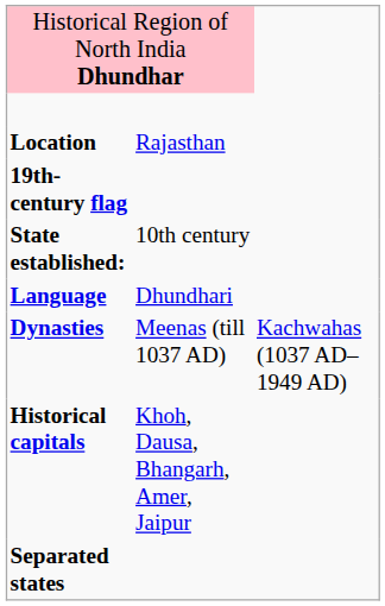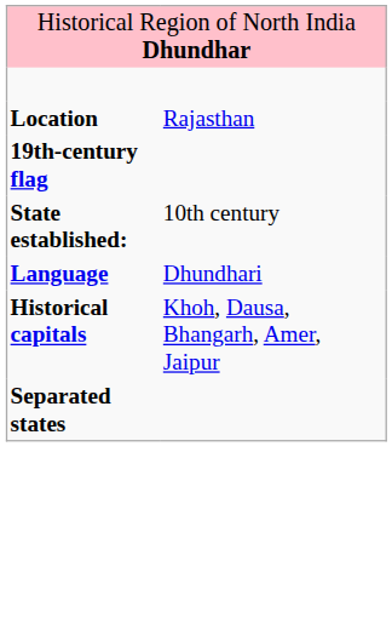 <table class="infobox"  cellpadding="2" cellspacing="2" style="width:250px; border-collapse:collapse; font-size:95%;">
 <tr>
 <td colspan="2" style="margin-left:inherit; background:pink; text-align:center; font-size:medium;">Historical Region of North India<br><strong>Dhundhar</strong></td>
 </tr>
 <tr style="text-align:center;">
 <td colspan="2"><div><br></div></td>
 </tr>
 <tr style="vertical-align: top;">
 <td><strong>Location</strong></td>
 <td><a href='#'>Rajasthan</a></td>
 </tr>
 <tr style="vertical-align: top;">
 <td><strong>19th-century <a href='#'>flag</a></strong></td>
 <td></td>
 </tr>
 <tr style="vertical-align: top;">
 <td><strong>State established:</strong></td>
 <td>10th century</td>
 </tr>
 <tr style="vertical-align: top;">
 <td><strong><a href='#'>Language</a></strong></td>
 <td><a href='#'>Dhundhari</a></td>
 </tr>
 <tr style="vertical-align: top;">
-<td><strong><a href='#'>Dynasties</a></strong></td>
-<td><a href='#'>Meenas</a> (till 1037 AD)</td>
-<td><a href='#'>Kachwahas</a> (1037 AD–1949 AD)</td>
-</tr>
-<tr style="vertical-align: top;">
 <td><strong>Historical <a href='#'>capitals</a></strong></td>
 <td><a href='#'>Khoh</a>, <a href='#'>Dausa</a>, <a href='#'>Bhangarh</a>, <a href='#'>Amer</a>, <a href='#'>Jaipur</a></td>
 </tr>
 <tr style="vertical-align: top;">
 <td><strong>Separated states</strong></td>
 <td></td>
 </tr>
 <tr style="vertical-align: top;">
 </tr>
 </table>
